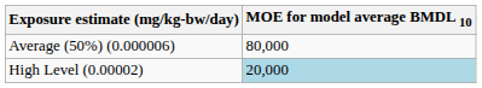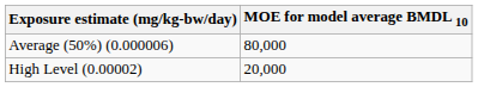 <table class="wikitable" border="1">
 <tr>
 <th>Exposure estimate (mg/kg-bw/day)</th>
 <th>MOE for model average BMDL <sub>10</sub></th>
 </tr>
 <tr>
 <td>Average (50%) (0.000006)</td>
 <td>80,000</td>
 </tr>
 <tr>
 <td>High Level (0.00002)</td>
-<td style="background: lightblue;">20,000</td>
+<td>20,000</td>
 </tr>
 </table>
